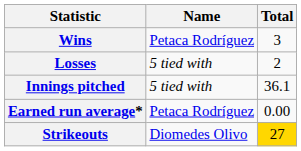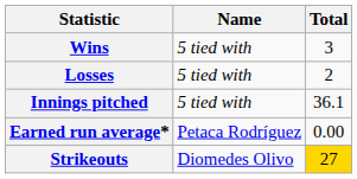 <table class="wikitable plainrowheaders">
 <tr>
 <th scope="col">Statistic</th>
 <th scope="col">Name</th>
 <th scope="col">Total</th>
 </tr>
 <tr>
 <th scope="row"><a href='#'>Wins</a></th>
-<td> <a href='#'>Petaca Rodríguez</a></td>
+<td><em>5 tied with</em></td>
 <td align=center>3</td>
 </tr>
 <tr>
 <th scope="row"><a href='#'>Losses</a></th>
 <td><em>5 tied with</em></td>
 <td align=center>2</td>
 </tr>
 <tr>
 <th scope="row"><a href='#'>Innings pitched</a></th>
 <td><em>5 tied with</em></td>
 <td align=center>36.1</td>
 </tr>
 <tr>
 <th scope="row"><a href='#'>Earned run average</a>*</th>
 <td> <a href='#'>Petaca Rodríguez</a></td>
 <td align=center>0.00</td>
 </tr>
 <tr>
 <th scope="row" rowspan=2><a href='#'>Strikeouts</a></th>
 <td> <a href='#'>Diomedes Olivo</a></td>
 <td align=center style="background: gold;">27</td>
 </tr>
 </table>
